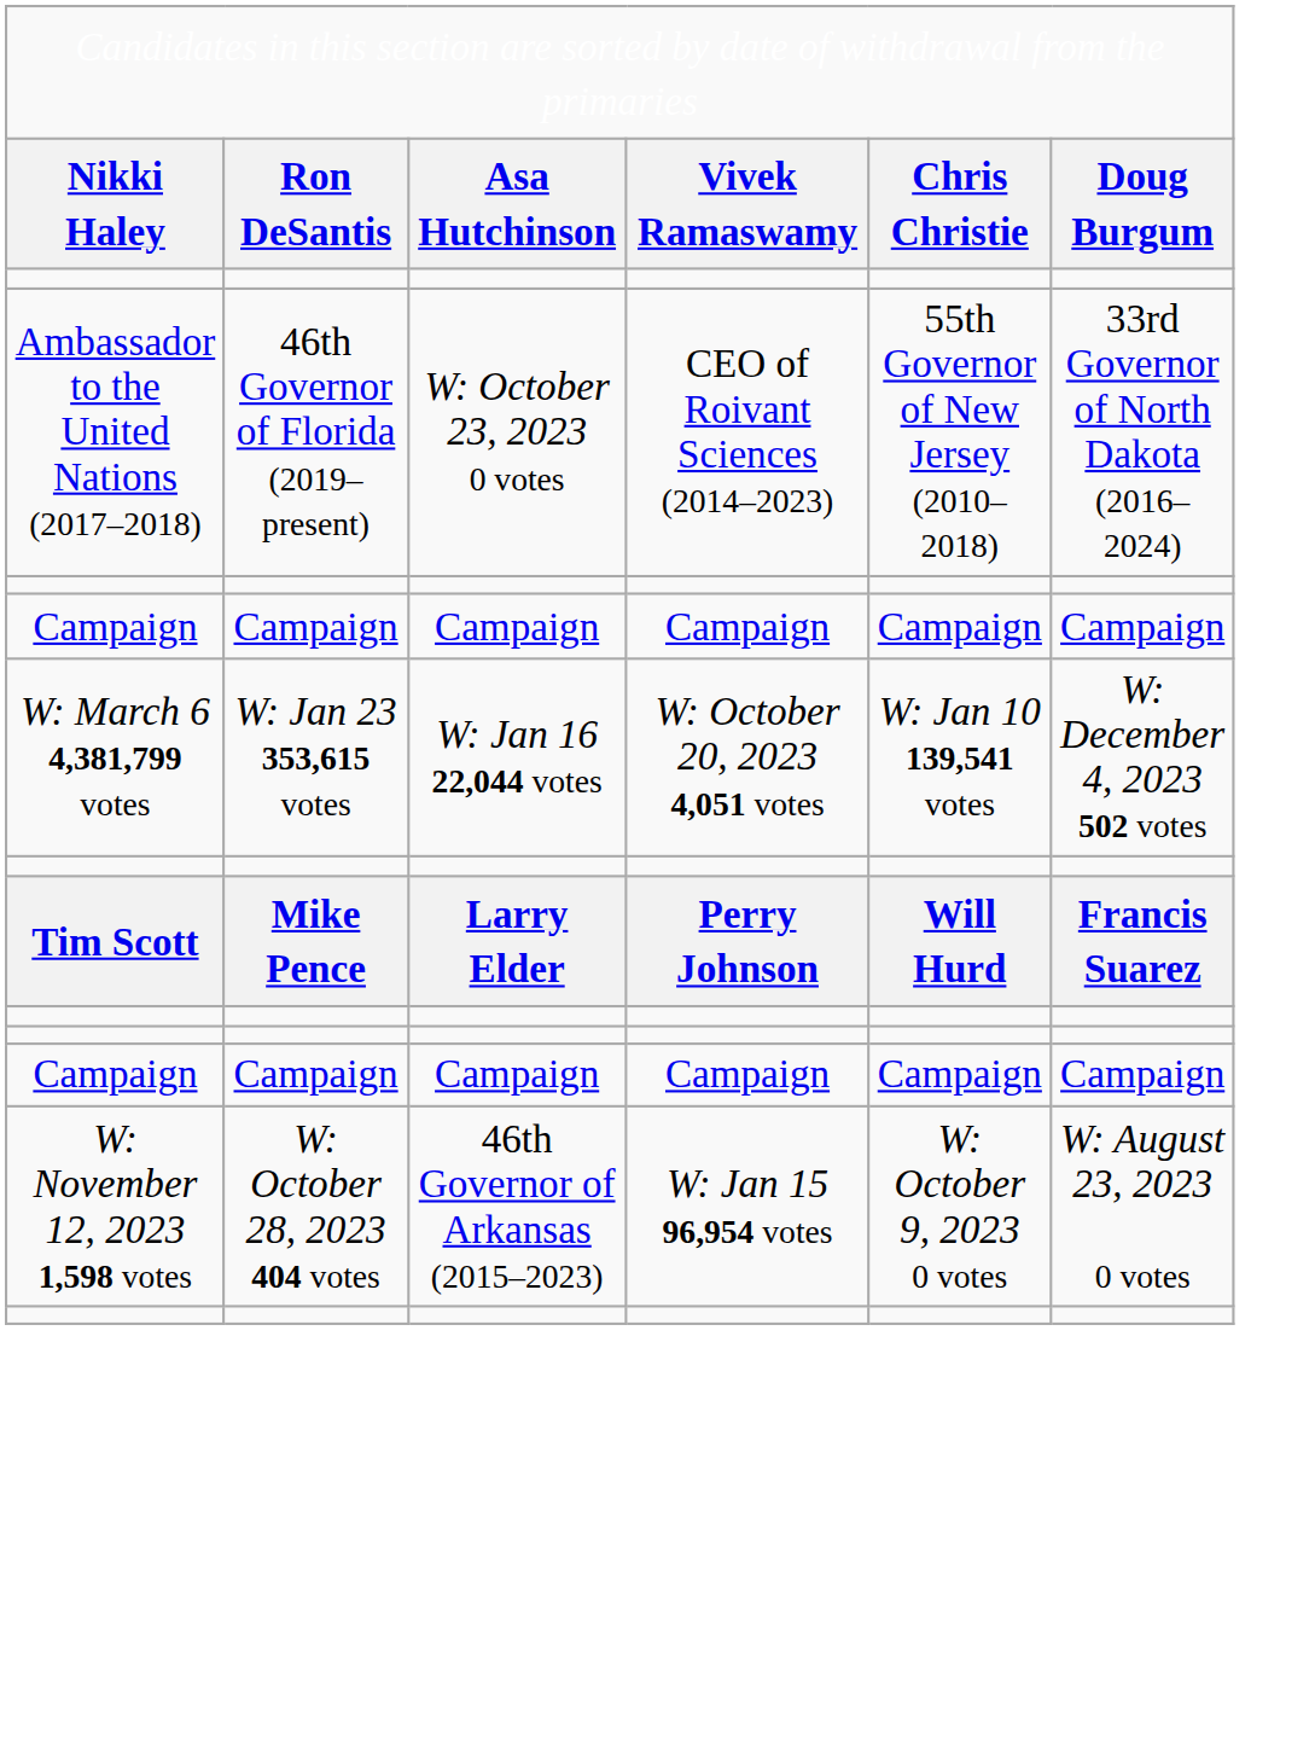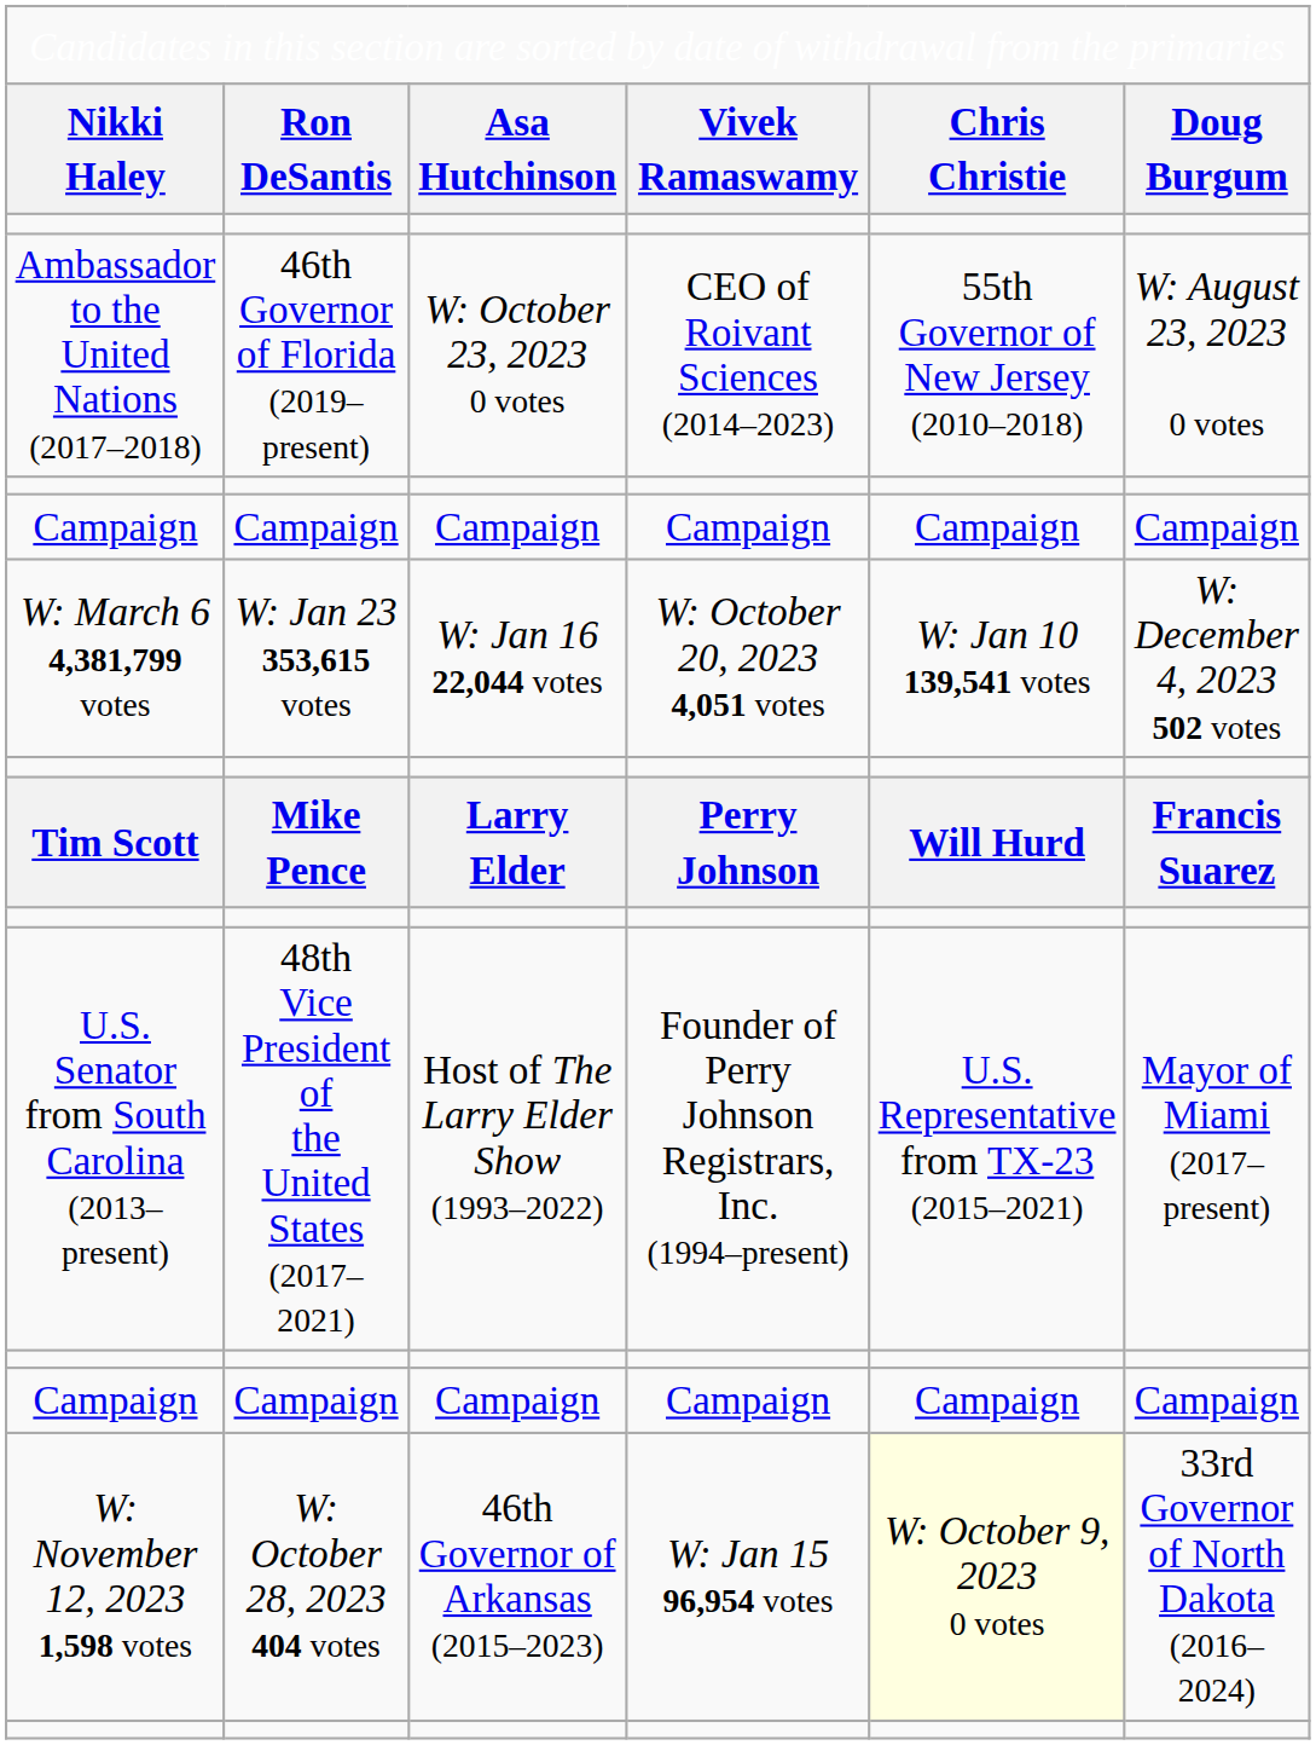 <table class="wikitable mw-collapsible mw-collapsed">
 <tr>
 <td colspan="6" style="text-align:center; font-size:120%; color:white; background:"><em><small>Candidates in this section are sorted by date of withdrawal from the primaries</small></em></td>
 </tr>
 <tr>
 <th scope="col" style="width:3em; font-size:120%;"><a href='#'><small>Nikki Haley</small></a></th>
 <th scope="col" style="width:3em; font-size:120%;"><a href='#'><small>Ron DeSantis</small></a></th>
 <th scope="col" style="width:3em; font-size:120%;"><a href='#'><small>Asa Hutchinson</small></a></th>
 <th scope="col" style="width:3em; font-size:120%;"><a href='#'><small>Vivek Ramaswamy</small></a></th>
 <th scope="col" style="width:3em; font-size:120%;"><a href='#'><small>Chris Christie</small></a></th>
 <th scope="col" style="width:3em; font-size:120%;"><a href='#'><small>Doug Burgum</small></a></th>
 </tr>
 <tr>
 <td></td>
 <td></td>
 <td></td>
 <td></td>
 <td></td>
 <td></td>
 </tr>
 <tr style="text-align:center">
 <td><a href='#'>Ambassador to the United Nations</a><br><small>(2017</small><small>–2018)</small></td>
 <td>46th<br><a href='#'>Governor of Florida</a><br><small>(2019–present)</small></td>
 <td><em>W: October 23, 2023</em><br><small>0 votes</small></td>
 <td>CEO of <a href='#'>Roivant Sciences</a><br><small>(2014–2023)</small></td>
 <td>55th<br><a href='#'>Governor of New Jersey</a><br><small>(2010–2018)</small></td>
-<td>33rd<br><a href='#'>Governor of North Dakota</a><br><small>(2016–2024)</small></td>
+<td><em>W: August 23, 2023</em><br><br><small>0 votes</small></td>
 </tr>
 <tr>
 <td></td>
 <td></td>
 <td></td>
 <td></td>
 <td></td>
 <td></td>
 </tr>
 <tr style="text-align:center">
 <td><a href='#'>Campaign</a></td>
 <td><a href='#'>Campaign</a></td>
 <td><a href='#'>Campaign</a></td>
 <td><a href='#'>Campaign</a></td>
 <td><a href='#'>Campaign</a></td>
 <td><a href='#'>Campaign</a></td>
 </tr>
 <tr style="text-align:center">
 <td><em>W: March 6</em><br><small><strong>4,381,799</strong> votes</small></td>
 <td><em>W: Jan 23</em><br><small><strong>353,615</strong> votes</small></td>
 <td><em>W: Jan 16</em><br><small><strong>22,044</strong> votes</small></td>
 <td><em>W: October 20, 2023</em><br><small><strong>4,051</strong> votes</small></td>
 <td><em>W: Jan 10</em><br><small><strong>139,541</strong> votes</small></td>
 <td><em>W: December 4, 2023</em><br><small><strong>502</strong> votes</small></td>
 </tr>
 <tr style="text-align:center">
 <td></td>
 <td></td>
 <td></td>
 <td></td>
 <td></td>
 <td></td>
 </tr>
 <tr>
 <th scope="col" style="width:3em; font-size:120%;"><small><a href='#'>Tim Scott</a></small></th>
 <th scope="col" style="width:3em; font-size:120%;"><small><a href='#'>Mike Pence</a></small></th>
 <th scope="col" style="width:3em; font-size:120%;"><a href='#'><small>Larry Elder</small></a></th>
 <th scope="col" style="width:3em; font-size:120%;"><small><a href='#'>Perry Johnson</a></small></th>
 <th scope="col" style="width:3em; font-size:120%;"><a href='#'><small>Will Hurd</small></a></th>
 <th scope="col" style="width:3em; font-size:120%;"><a href='#'><small>Francis Suarez</small></a></th>
 </tr>
 <tr>
 <td></td>
 <td></td>
 <td></td>
 <td></td>
 <td></td>
 <td></td>
 </tr>
+<tr style="text-align:center">
+<td><a href='#'>U.S.</a><br><a href='#'>Senator</a> from <a href='#'>South Carolina</a><br><small>(2013–present)</small></td>
+<td>48th<br><a href='#'>Vice President of</a><br><a href='#'>the United States</a><br><small>(2017–2021)</small></td>
+<td>Host of <em>The Larry Elder Show</em><br><small>(1993–2022)</small></td>
+<td>Founder of Perry Johnson Registrars, Inc.<br><small>(1994–present)</small></td>
+<td><a href='#'>U.S.</a><br><a href='#'>Representative</a><br>from <a href='#'>TX-23</a><br><small>(2015–2021)</small></td>
+<td><a href='#'>Mayor of</a><br><a href='#'>Miami</a><br><small>(2017–present)</small></td>
+</tr>
 <tr>
 <td></td>
 <td></td>
 <td></td>
 <td></td>
 <td></td>
 <td></td>
 </tr>
 <tr style="text-align:center">
 <td><a href='#'>Campaign</a></td>
 <td><a href='#'>Campaign</a></td>
 <td><a href='#'>Campaign</a></td>
 <td><a href='#'>Campaign</a></td>
 <td><a href='#'>Campaign</a></td>
 <td><a href='#'>Campaign</a></td>
 </tr>
 <tr style="text-align:center">
 <td><em>W: November 12, 2023</em><br><small><strong>1,598</strong> votes</small></td>
 <td><em>W: October 28, 2023</em><br><small><strong>404</strong> votes</small></td>
 <td>46th<br><a href='#'>Governor of Arkansas</a><br><small>(2015–2023)</small></td>
 <td><em>W: Jan 15</em><br><small><strong>96,954</strong> votes</small></td>
-<td><em>W: October 9, 2023</em><br><small>0 votes</small></td>
-<td><em>W: August 23, 2023</em><br><br><small>0 votes</small></td>
+<td style="background: lightyellow;"><em>W: October 9, 2023</em><br><small>0 votes</small></td>
+<td>33rd<br><a href='#'>Governor of North Dakota</a><br><small>(2016–2024)</small></td>
 </tr>
 <tr style="text-align:center">
 <td></td>
 <td></td>
 <td></td>
 <td></td>
 <td></td>
 <td></td>
 </tr>
 </table>
